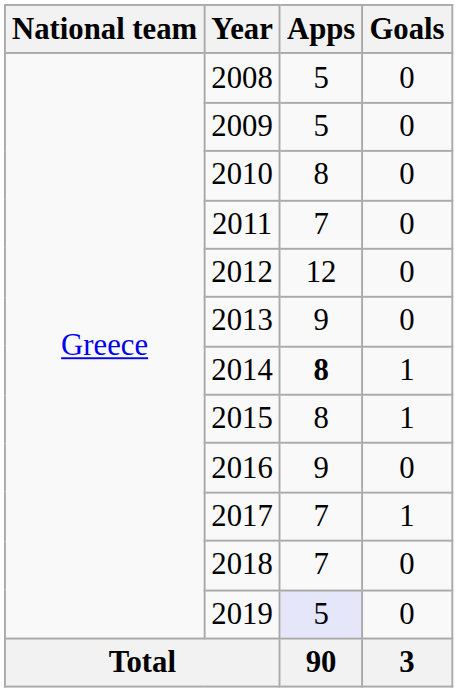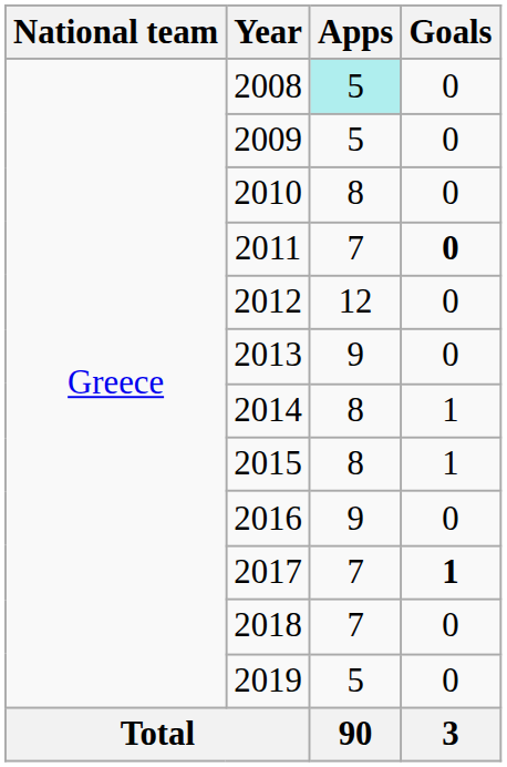 <table class="wikitable" style="text-align:center">
 <tr>
 <th>National team</th>
 <th>Year</th>
 <th>Apps</th>
 <th>Goals</th>
 </tr>
 <tr>
 <td rowspan="12"><a href='#'>Greece</a></td>
 <td>2008</td>
-<td>5</td>
+<td style="background: paleturquoise;">5</td>
 <td>0</td>
 </tr>
 <tr>
 <td>2009</td>
 <td>5</td>
 <td>0</td>
 </tr>
 <tr>
 <td>2010</td>
 <td>8</td>
 <td>0</td>
 </tr>
 <tr>
 <td>2011</td>
 <td>7</td>
-<td>0</td>
+<td><strong>0</strong></td>
 </tr>
 <tr>
 <td>2012</td>
 <td>12</td>
 <td>0</td>
 </tr>
 <tr>
 <td>2013</td>
 <td>9</td>
 <td>0</td>
 </tr>
 <tr>
 <td>2014</td>
-<td><strong>8</strong></td>
+<td>8</td>
 <td>1</td>
 </tr>
 <tr>
 <td>2015</td>
 <td>8</td>
 <td>1</td>
 </tr>
 <tr>
 <td>2016</td>
 <td>9</td>
 <td>0</td>
 </tr>
 <tr>
 <td>2017</td>
 <td>7</td>
-<td>1</td>
+<td><strong>1</strong></td>
 </tr>
 <tr>
 <td>2018</td>
 <td>7</td>
 <td>0</td>
 </tr>
 <tr>
 <td>2019</td>
-<td style="background: lavender;">5</td>
+<td>5</td>
 <td>0</td>
 </tr>
 <tr>
 <th colspan="2">Total</th>
 <th>90</th>
 <th>3</th>
 </tr>
 </table>
